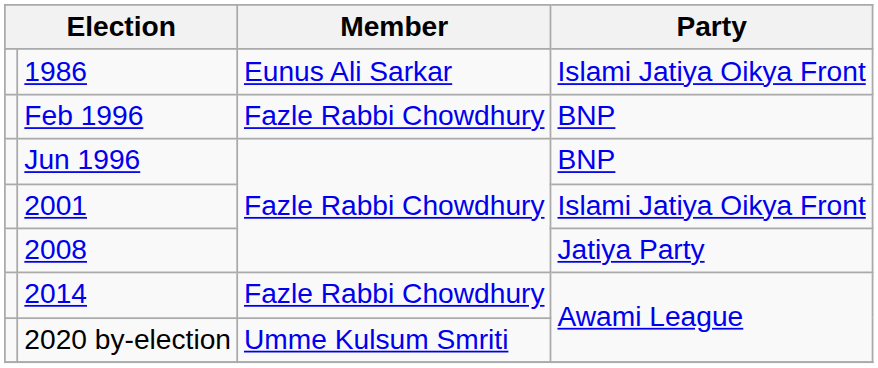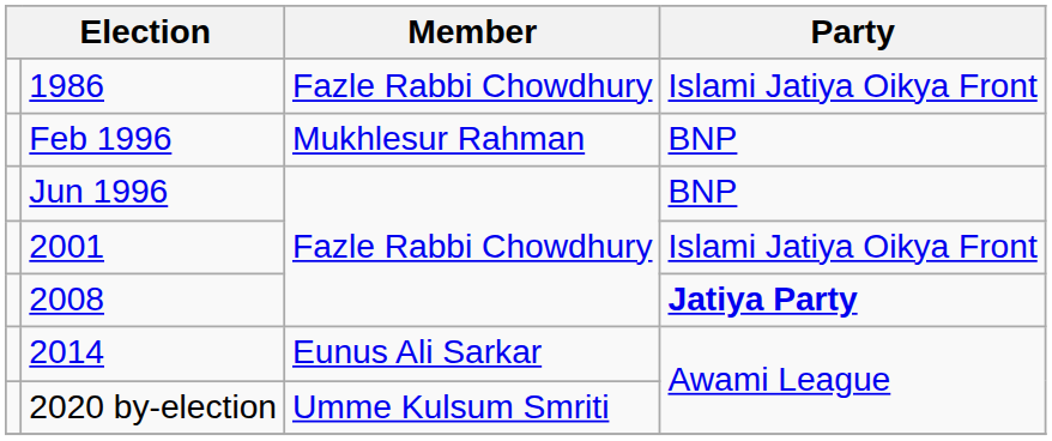 <table class="wikitable">
 <tr>
 <th colspan="2">Election</th>
 <th>Member</th>
 <th>Party</th>
 </tr>
 <tr>
 <td style="background-color:"></td>
 <td><a href='#'>1986</a></td>
-<td><a href='#'>Eunus Ali Sarkar</a></td>
+<td><a href='#'>Fazle Rabbi Chowdhury</a></td>
 <td><a href='#'>Islami Jatiya Oikya Front</a></td>
 </tr>
 <tr>
 <td style="background-color:"></td>
 <td><a href='#'>Feb 1996</a></td>
-<td><a href='#'>Fazle Rabbi Chowdhury</a></td>
+<td><a href='#'>Mukhlesur Rahman</a></td>
 <td><a href='#'>BNP</a></td>
 </tr>
 <tr>
 <td style="background-color:"></td>
 <td><a href='#'>Jun 1996</a></td>
 <td rowspan="3"><a href='#'>Fazle Rabbi Chowdhury</a></td>
 <td><a href='#'>BNP</a></td>
 </tr>
 <tr>
 <td style="background-color:"></td>
 <td><a href='#'>2001</a></td>
 <td><a href='#'>Islami Jatiya Oikya Front</a></td>
 </tr>
 <tr>
 <td style="background-color:"></td>
 <td><a href='#'>2008</a></td>
-<td><a href='#'>Jatiya Party</a></td>
+<td><strong><a href='#'>Jatiya Party</a></strong></td>
 </tr>
 <tr>
 <td style="background-color:"></td>
 <td><a href='#'>2014</a></td>
-<td><a href='#'>Fazle Rabbi Chowdhury</a></td>
+<td><a href='#'>Eunus Ali Sarkar</a></td>
 <td rowspan="2"><a href='#'>Awami League</a></td>
 </tr>
 <tr>
 <td style="background-color:"></td>
 <td>2020 by-election</td>
 <td><a href='#'>Umme Kulsum Smriti</a></td>
 </tr>
 <tr>
 </tr>
 </table>
